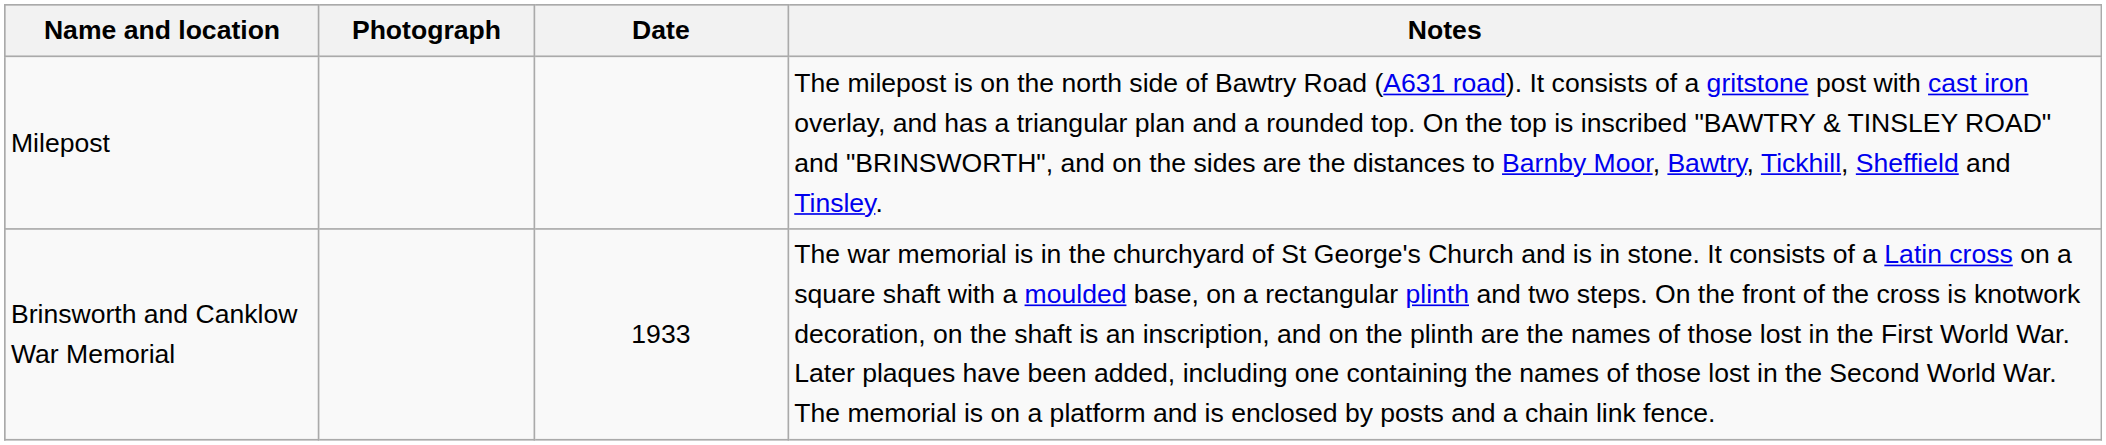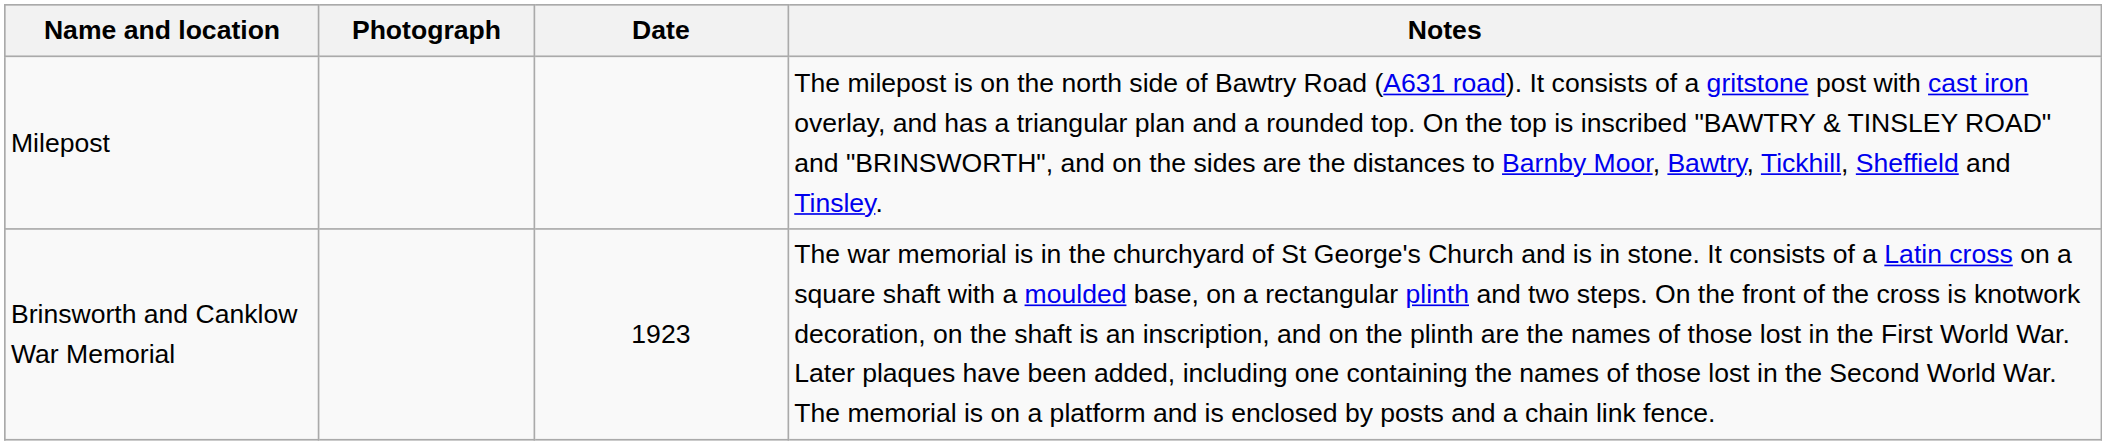 <table class="wikitable sortable plainrowheaders" style="width:100%;border:0px;text-align:left;line-height:150%;">
 <tr>
 <th scope="col"  style="width:150px">Name and location</th>
 <th scope="col"  style="width:100px" class="unsortable">Photograph</th>
 <th scope="col"  style="width:120px">Date</th>
 <th scope="col"  style="width:650px" class="unsortable">Notes</th>
 </tr>
 <tr>
 <td>Milepost<br><small></small></td>
 <td></td>
 <td align="center"></td>
 <td>The milepost is on the north side of Bawtry Road (<a href='#'>A631 road</a>).  It consists of a <a href='#'>gritstone</a> post with <a href='#'>cast iron</a> overlay, and has a triangular plan and a rounded top.  On the top is inscribed "BAWTRY & TINSLEY ROAD" and "BRINSWORTH", and on the sides are the distances to <a href='#'>Barnby Moor</a>, <a href='#'>Bawtry</a>, <a href='#'>Tickhill</a>, <a href='#'>Sheffield</a> and <a href='#'>Tinsley</a>.</td>
 </tr>
 <tr>
 <td>Brinsworth and Canklow War Memorial<br><small></small></td>
 <td></td>
-<td align="center">1933</td>
+<td align="center">1923</td>
 <td>The war memorial is in the churchyard of St George's Church and is in stone. It consists of a <a href='#'>Latin cross</a> on a square shaft with a <a href='#'>moulded</a> base, on a rectangular <a href='#'>plinth</a> and two steps.  On the front of the cross is knotwork decoration, on the shaft is an inscription, and on the plinth are the names of those lost in the First World War.  Later plaques have been added, including one containing the names of those lost in the Second World War.  The memorial is on a platform and is enclosed by posts and a chain link fence.</td>
 </tr>
 <tr>
 </tr>
 </table>
